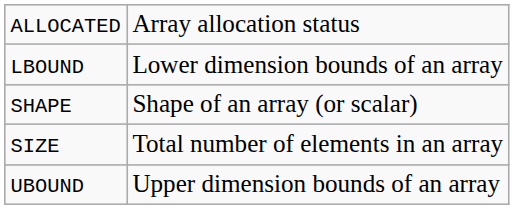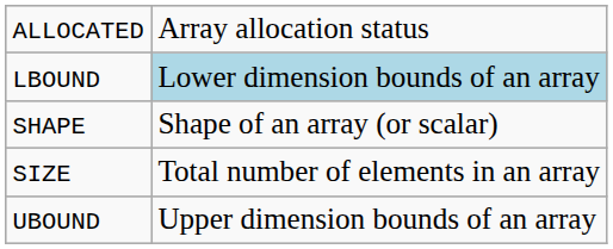 <table class=wikitable>
 <tr>
 <td><code>ALLOCATED</code></td>
 <td>Array allocation status</td>
 </tr>
 <tr>
 <td><code>LBOUND</code></td>
-<td>Lower dimension bounds of an array</td>
+<td style="background: lightblue;">Lower dimension bounds of an array</td>
 </tr>
 <tr>
 <td><code>SHAPE</code></td>
 <td>Shape of an array (or scalar)</td>
 </tr>
 <tr>
 <td><code>SIZE</code></td>
 <td>Total number of elements in an array</td>
 </tr>
 <tr>
 <td><code>UBOUND</code></td>
 <td>Upper dimension bounds of an array</td>
 </tr>
 </table>
